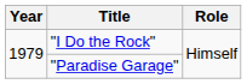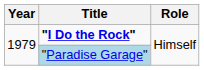 <table class = "wikitable sortable">
 <tr>
 <th>Year</th>
 <th>Title</th>
 <th>Role</th>
 </tr>
 <tr>
 <td rowspan="2">1979</td>
-<td>"<a href='#'>I Do the Rock</a>"</td>
+<td><strong>"<a href='#'>I Do the Rock</a>"</strong></td>
 <td rowspan="2">Himself</td>
 </tr>
 <tr>
-<td>"<a href='#'>Paradise Garage</a>"</td>
+<td style="background: lightblue;">"<a href='#'>Paradise Garage</a>"</td>
 </tr>
 </table>
